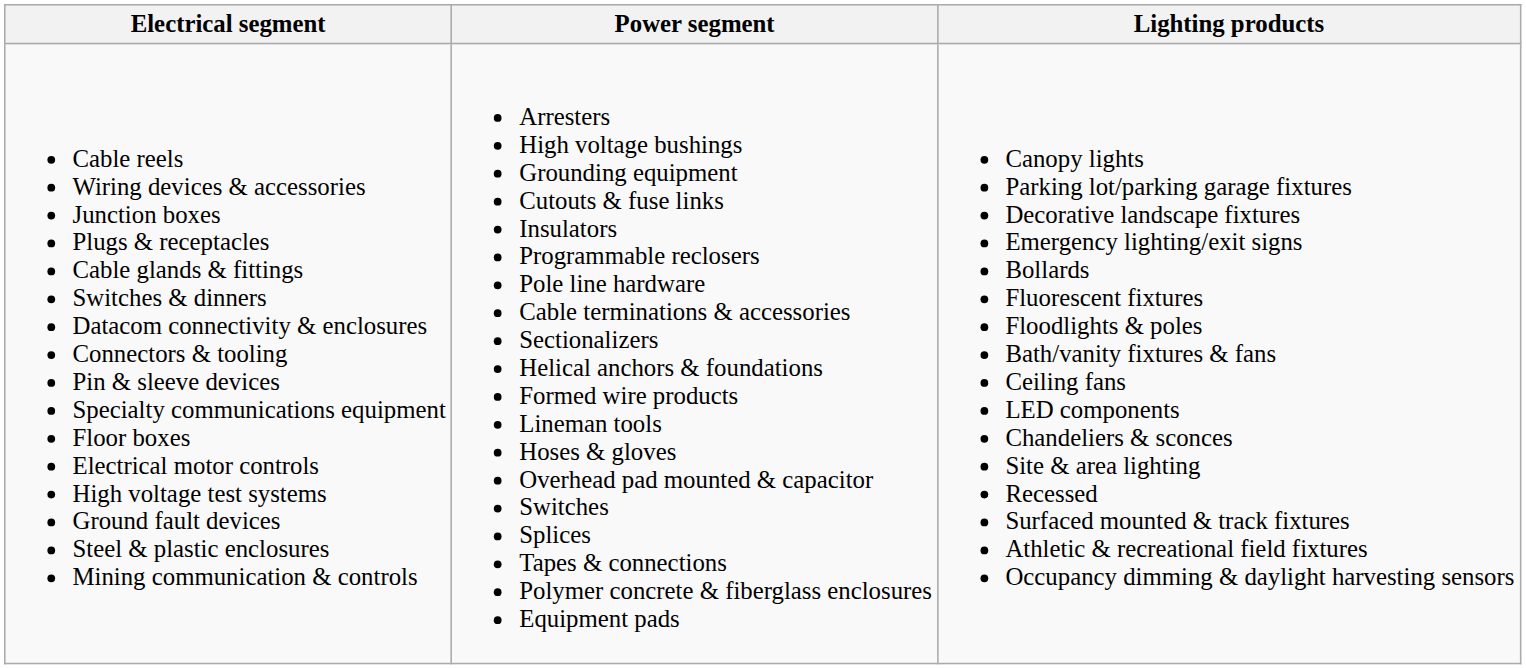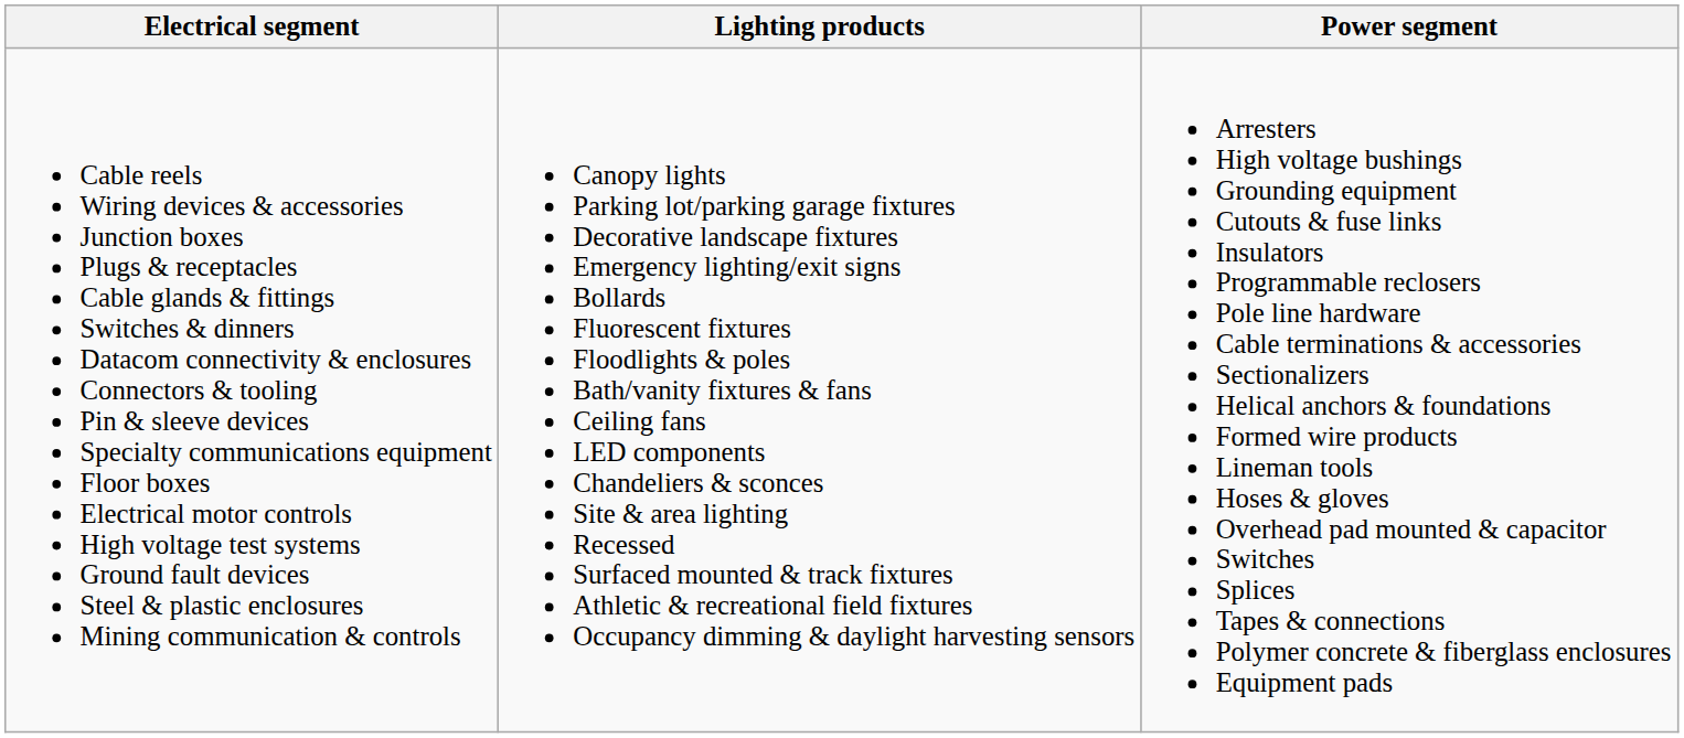 <table class="wikitable">
 <tr>
 <th>Electrical segment</th>
+<th>Lighting products</th>
 <th>Power segment</th>
-<th>Lighting products</th>
 </tr>
 <tr>
 <td><br><ul><li>Cable reels</li><li>Wiring devices & accessories</li><li>Junction boxes</li><li>Plugs & receptacles</li><li>Cable glands & fittings</li><li>Switches & dinners</li><li>Datacom connectivity & enclosures</li><li>Connectors & tooling</li><li>Pin & sleeve devices</li><li>Specialty communications equipment</li><li>Floor boxes</li><li>Electrical motor controls</li><li>High voltage test systems</li><li>Ground fault devices</li><li>Steel & plastic enclosures</li><li>Mining communication & controls</li></ul></td>
+<td><br><ul><li>Canopy lights</li><li>Parking lot/parking garage fixtures</li><li>Decorative landscape fixtures</li><li>Emergency lighting/exit signs</li><li>Bollards</li><li>Fluorescent fixtures</li><li>Floodlights & poles</li><li>Bath/vanity fixtures & fans</li><li>Ceiling fans</li><li>LED components</li><li>Chandeliers & sconces</li><li>Site & area lighting</li><li>Recessed</li><li>Surfaced mounted & track fixtures</li><li>Athletic & recreational field fixtures</li><li>Occupancy dimming & daylight harvesting sensors</li></ul></td>
 <td><br><ul><li>Arresters</li><li>High voltage bushings</li><li>Grounding equipment</li><li>Cutouts & fuse links</li><li>Insulators</li><li>Programmable reclosers</li><li>Pole line hardware</li><li>Cable terminations & accessories</li><li>Sectionalizers</li><li>Helical anchors & foundations</li><li>Formed wire products</li><li>Lineman tools</li><li>Hoses & gloves</li><li>Overhead pad mounted & capacitor</li><li>Switches</li><li>Splices</li><li>Tapes & connections</li><li>Polymer concrete & fiberglass enclosures</li><li>Equipment pads</li></ul></td>
-<td><br><ul><li>Canopy lights</li><li>Parking lot/parking garage fixtures</li><li>Decorative landscape fixtures</li><li>Emergency lighting/exit signs</li><li>Bollards</li><li>Fluorescent fixtures</li><li>Floodlights & poles</li><li>Bath/vanity fixtures & fans</li><li>Ceiling fans</li><li>LED components</li><li>Chandeliers & sconces</li><li>Site & area lighting</li><li>Recessed</li><li>Surfaced mounted & track fixtures</li><li>Athletic & recreational field fixtures</li><li>Occupancy dimming & daylight harvesting sensors</li></ul></td>
 </tr>
 </table>
